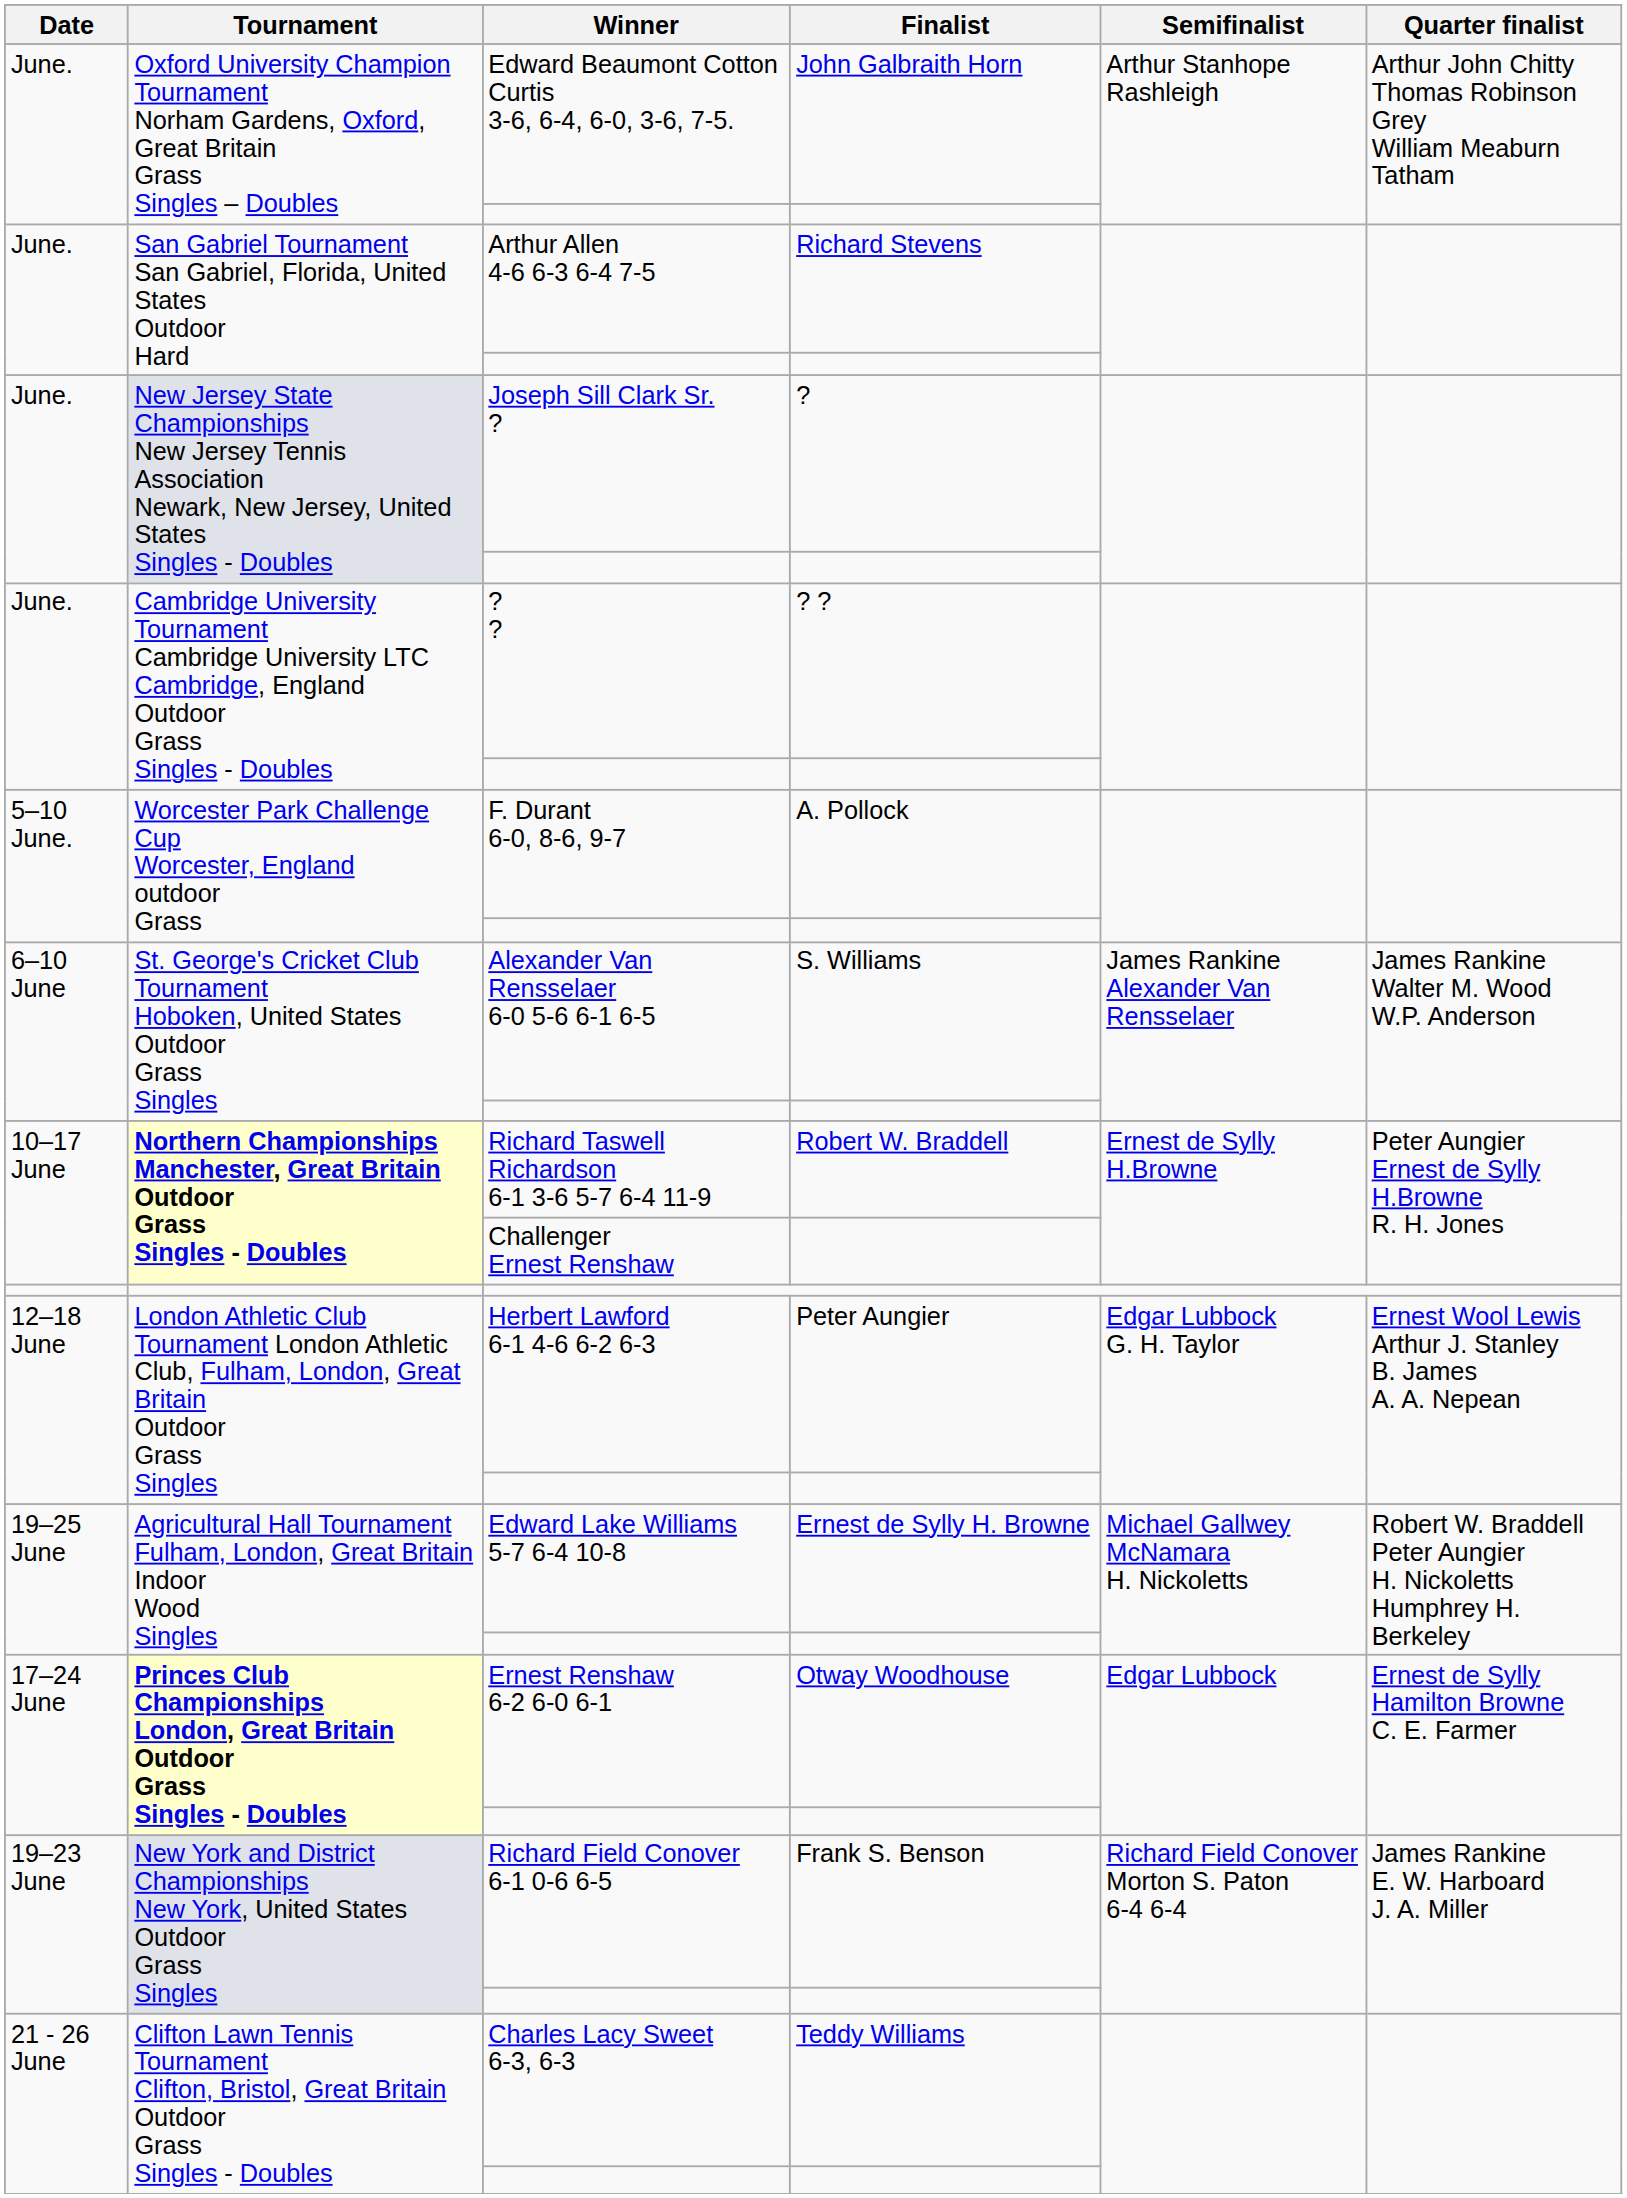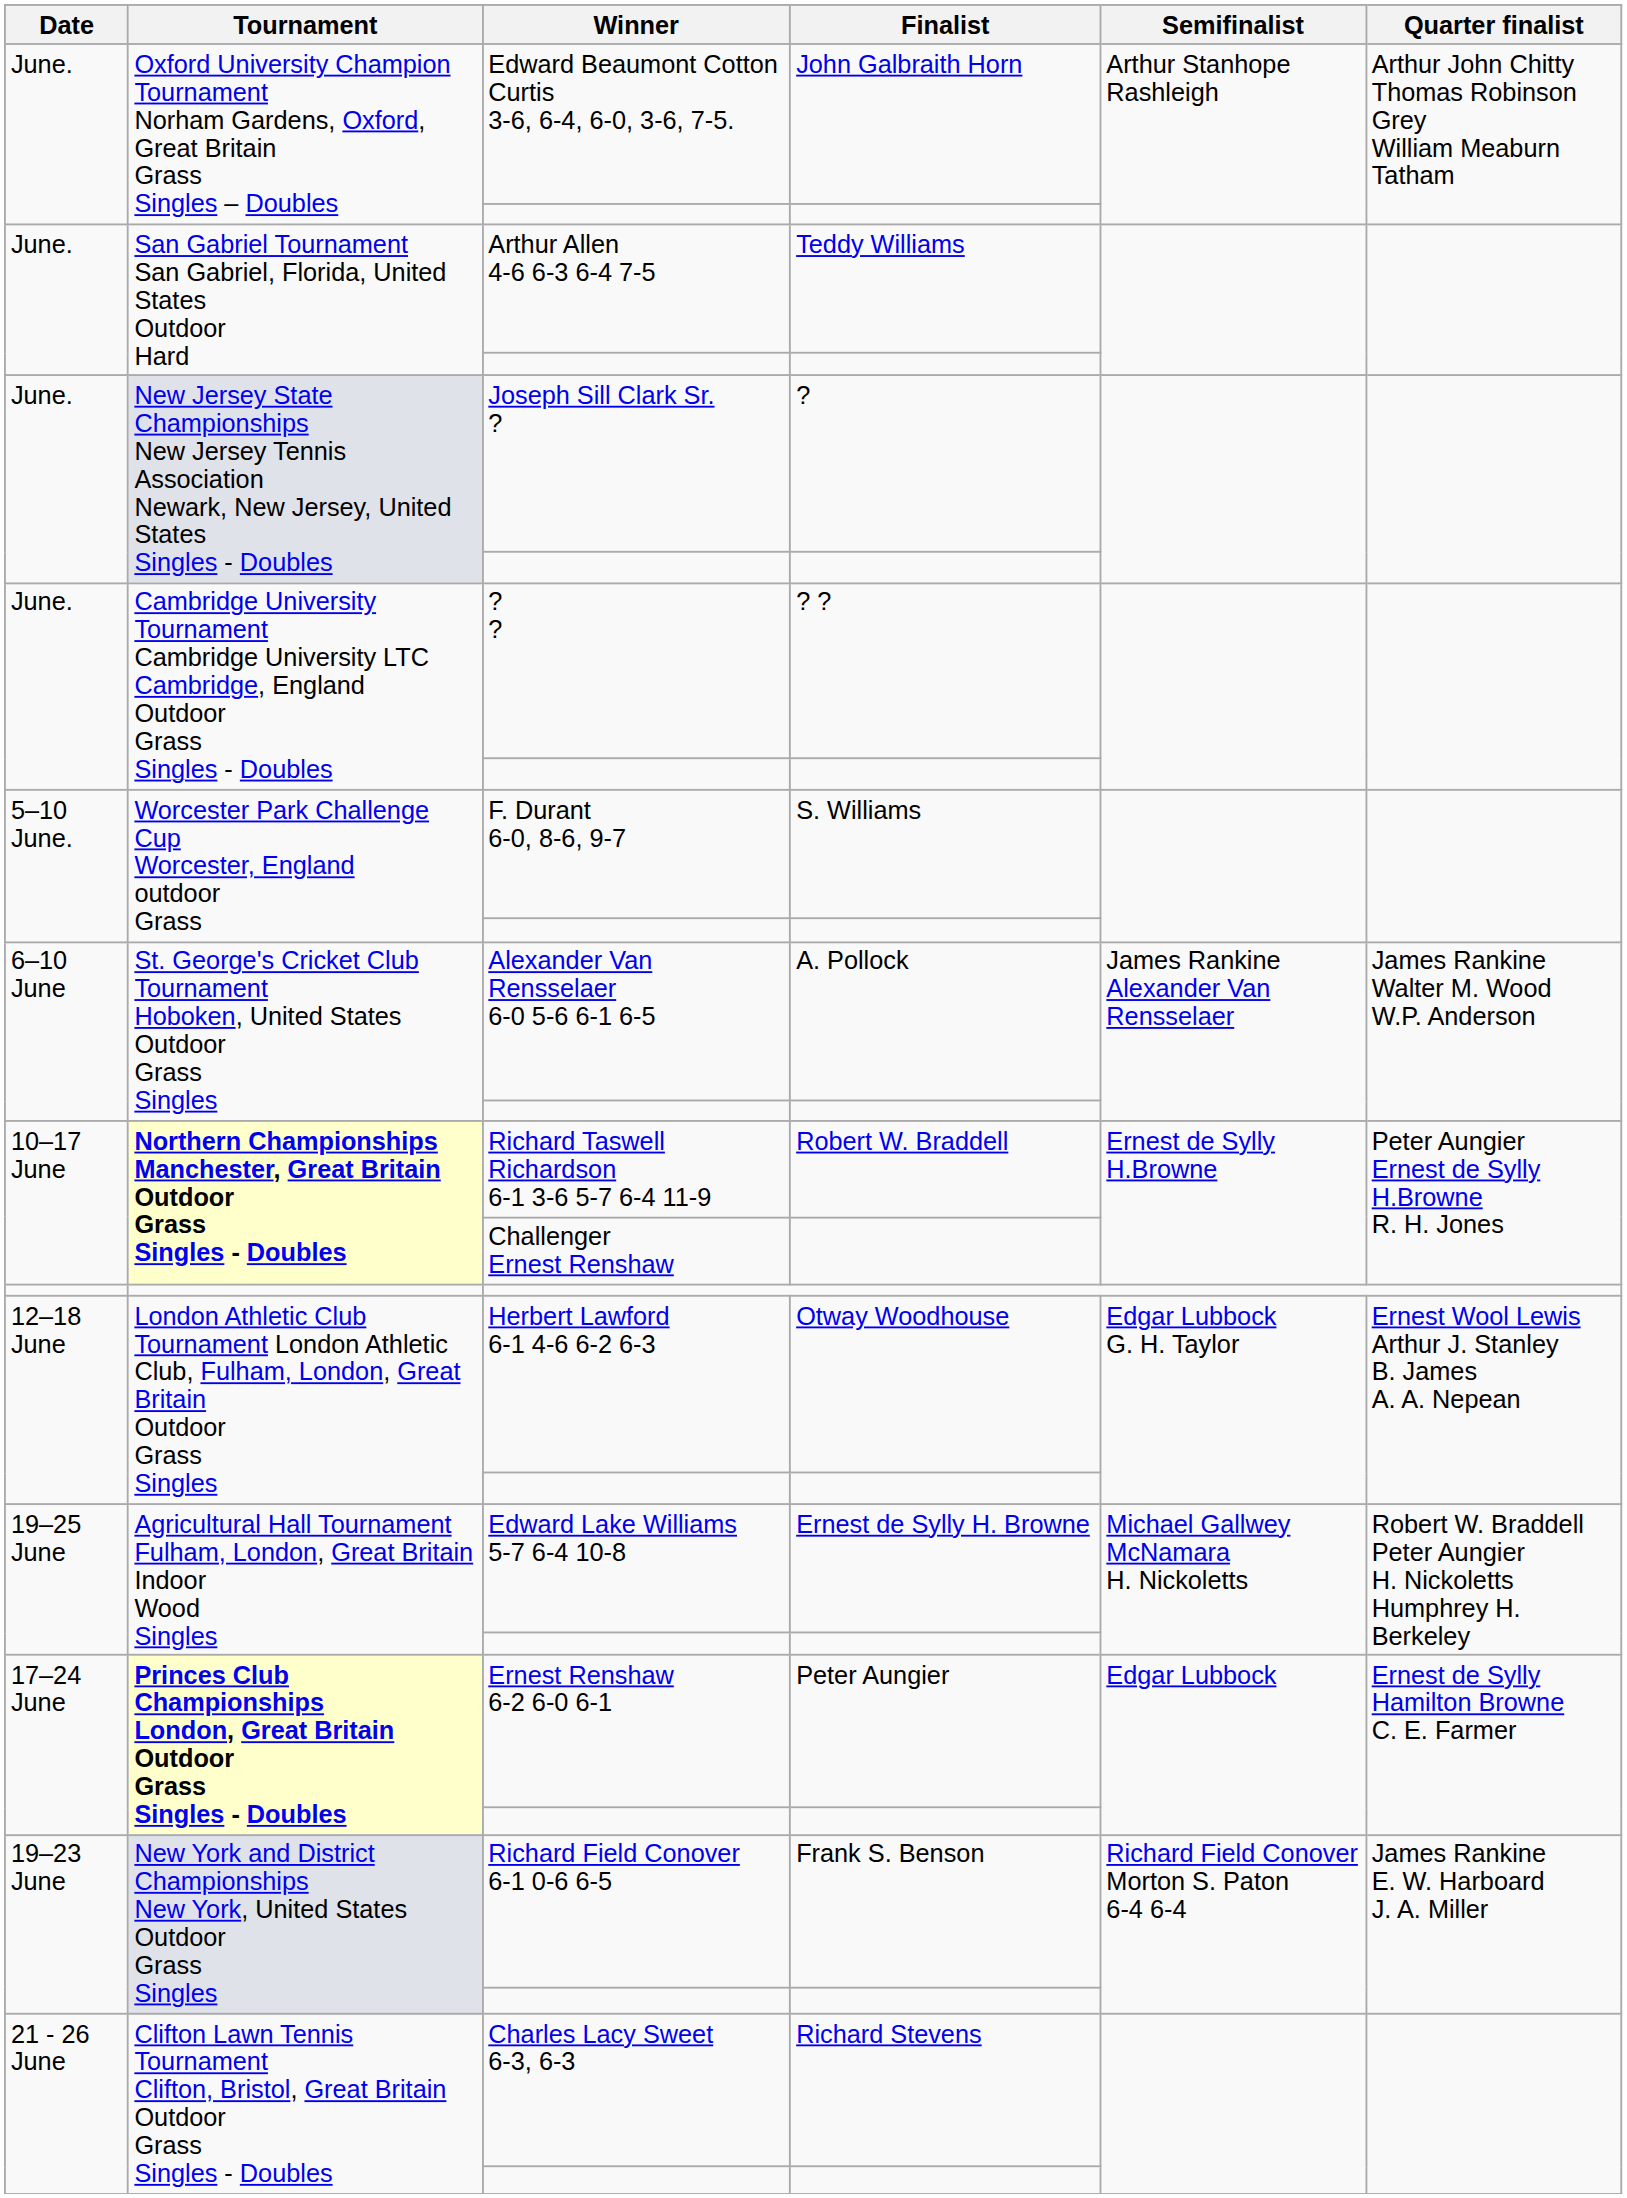 <table class="wikitable" style="font-size:85%;">
 <tr>
 <th width="75">Date</th>
 <th width="230">Tournament</th>
 <th width="210">Winner</th>
 <th width="210">Finalist</th>
 <th width="170">Semifinalist</th>
 <th width="170">Quarter finalist</th>
 </tr>
 <tr valign=top>
 <td rowspan=2>June.</td>
 <td rowspan=2><a href='#'>Oxford University Champion Tournament</a><br>Norham Gardens, <a href='#'>Oxford</a>, Great Britain<br>Grass<br><a href='#'>Singles</a> – <a href='#'>Doubles</a></td>
 <td> Edward Beaumont Cotton Curtis<br>3-6, 6-4, 6-0, 3-6, 7-5.</td>
 <td> <a href='#'>John Galbraith Horn</a></td>
 <td rowspan=2>  Arthur Stanhope Rashleigh</td>
 <td rowspan=2> Arthur John Chitty <br> Thomas Robinson Grey <br> William Meaburn Tatham</td>
 </tr>
 <tr valign=top>
 <td></td>
 <td></td>
 </tr>
 <tr valign=top>
 <td rowspan=2>June.</td>
 <td rowspan=2><a href='#'>San Gabriel Tournament</a><br>San Gabriel, Florida, United States<br>Outdoor<br>Hard<br></td>
 <td> Arthur Allen<br>4-6 6-3 6-4 7-5</td>
-<td> <a href='#'>Richard Stevens</a></td>
+<td> <a href='#'>Teddy Williams</a></td>
 <td rowspan=2></td>
 <td rowspan=2></td>
 </tr>
 <tr valign=top>
 <td></td>
 <td></td>
 </tr>
 <tr valign=top>
 <td rowspan=2>June.</td>
 <td style="background:#dfe2e9" rowspan=2><a href='#'>New Jersey State Championships</a> <br>New Jersey Tennis Association<br>Newark, New Jersey, United States<br><a href='#'>Singles</a> - <a href='#'>Doubles</a></td>
 <td> <a href='#'>Joseph Sill Clark Sr.</a>  <br>?</td>
 <td> ?</td>
 <td rowspan=2><br></td>
 <td rowspan=2><br></td>
 </tr>
 <tr valign=top>
 <td></td>
 <td></td>
 </tr>
 <tr valign=top>
 <td rowspan=2>June.</td>
 <td rowspan=2><a href='#'>Cambridge University Tournament</a><br>Cambridge University LTC<br><a href='#'>Cambridge</a>, England<br>Outdoor<br>Grass<br><a href='#'>Singles</a> - <a href='#'>Doubles</a></td>
 <td>? <br>?</td>
 <td>? ?</td>
 <td rowspan=2></td>
 <td rowspan=2></td>
 </tr>
 <tr valign=top>
 <td></td>
 <td></td>
 </tr>
 <tr valign=top>
 <td rowspan=2>5–10 June.</td>
 <td rowspan=2><a href='#'>Worcester Park Challenge Cup</a> <br> <a href='#'>Worcester, England</a><br>outdoor<br>Grass <br></td>
 <td>  F. Durant<br>6-0, 8-6, 9-7</td>
-<td> A. Pollock</td>
+<td>  S. Williams</td>
 <td rowspan=2></td>
 <td rowspan=2></td>
 </tr>
 <tr valign=top>
 <td></td>
 <td></td>
 </tr>
 <tr valign=top>
 <td rowspan=2>6–10 June</td>
 <td rowspan=2><a href='#'>St. George's Cricket Club Tournament</a> <br> <a href='#'>Hoboken</a>, United States<br>Outdoor<br>Grass<br><a href='#'>Singles</a></td>
 <td> <a href='#'>Alexander Van Rensselaer</a><br>6-0 5-6 6-1 6-5</td>
-<td>  S. Williams</td>
+<td> A. Pollock</td>
 <td rowspan=2> James Rankine <br> <a href='#'>Alexander Van Rensselaer</a></td>
 <td rowspan=2> James Rankine<br>  Walter M. Wood <br> W.P. Anderson</td>
 </tr>
 <tr valign=top>
 <td></td>
 <td></td>
 </tr>
 <tr valign=top>
 <td rowspan=2>10–17 June</td>
 <td style="background:#ffc;" rowspan=2><strong><a href='#'>Northern Championships</a><br>  <a href='#'>Manchester</a>, <a href='#'>Great Britain</a><br>Outdoor<br>Grass<br><a href='#'>Singles</a> - <a href='#'>Doubles</a></strong></td>
 <td> <a href='#'>Richard Taswell Richardson</a> <br>6-1 3-6 5-7 6-4 11-9</td>
 <td> <a href='#'>Robert W. Braddell</a></td>
 <td rowspan=2> <a href='#'>Ernest de Sylly H.Browne</a></td>
 <td rowspan=2> Peter Aungier<br><a href='#'>Ernest de Sylly H.Browne</a><br> R. H. Jones</td>
 </tr>
 <tr valign=top>
 <td>Challenger<br> <a href='#'>Ernest Renshaw</a> <br></td>
 <td></td>
 </tr>
 <tr valign=top>
 <td></td>
 <td></td>
 </tr>
 <tr valign=top>
 <td rowspan=2>12–18 June</td>
 <td rowspan=2><a href='#'>London Athletic Club Tournament</a>  London Athletic Club, <a href='#'>Fulham, London</a>, <a href='#'>Great Britain</a><br>Outdoor<br>Grass<br><a href='#'>Singles</a></td>
 <td> <a href='#'>Herbert Lawford</a><br>6-1 4-6 6-2 6-3</td>
-<td> Peter Aungier</td>
+<td> <a href='#'>Otway Woodhouse</a> <br></td>
 <td rowspan=2>  <a href='#'>Edgar Lubbock</a><br>  G. H. Taylor</td>
 <td rowspan=2> <a href='#'>Ernest Wool Lewis</a><br> Arthur J. Stanley <br> B. James<br> A. A. Nepean</td>
 </tr>
 <tr valign=top>
 <td></td>
 <td></td>
 </tr>
 <tr valign=top>
 <td rowspan=2>19–25 June</td>
 <td rowspan=2><a href='#'>Agricultural Hall Tournament</a> <br>  <a href='#'>Fulham, London</a>, <a href='#'>Great Britain</a><br>Indoor<br>Wood<br><a href='#'>Singles</a></td>
 <td> <a href='#'>Edward Lake Williams</a><br>5-7 6-4 10-8</td>
 <td>  <a href='#'>Ernest de Sylly H. Browne</a> <br></td>
 <td rowspan=2> <a href='#'>Michael Gallwey McNamara</a> <br> H. Nickoletts</td>
 <td rowspan=2> Robert W. Braddell<br> Peter Aungier <br> H. Nickoletts <br> Humphrey H. Berkeley</td>
 </tr>
 <tr valign=top>
 <td></td>
 <td></td>
 </tr>
 <tr valign=top>
 <td rowspan=2>17–24 June</td>
 <td style="background:#ffc;" rowspan=2><strong><a href='#'>Princes Club Championships</a><br> <a href='#'>London</a>, <a href='#'>Great Britain</a><br>Outdoor<br>Grass<br><a href='#'>Singles</a> - <a href='#'>Doubles</a></strong></td>
 <td> <a href='#'>Ernest Renshaw</a><br>6-2 6-0 6-1</td>
-<td> <a href='#'>Otway Woodhouse</a> <br></td>
+<td> Peter Aungier</td>
 <td rowspan=2> <a href='#'>Edgar Lubbock</a></td>
 <td rowspan=2> <a href='#'>Ernest de Sylly Hamilton Browne</a><br> C. E. Farmer</td>
 </tr>
 <tr valign=top>
 <td></td>
 <td></td>
 </tr>
 <tr valign=top>
 <td rowspan=2>19–23 June</td>
 <td style="background:#dfe2e9" rowspan=2><a href='#'>New York and District Championships</a> <br> <a href='#'>New York</a>, United States<br>Outdoor<br>Grass<br><a href='#'>Singles</a></td>
 <td> <a href='#'>Richard Field Conover</a><br>6-1 0-6 6-5</td>
 <td> Frank S. Benson <br></td>
 <td rowspan=2> <a href='#'>Richard Field Conover</a> <br>  Morton S. Paton <br>6-4 6-4</td>
 <td rowspan=2> James Rankine<br> E. W. Harboard <br> J. A. Miller<br></td>
 </tr>
 <tr valign=top>
 <td></td>
 <td></td>
 </tr>
 <tr valign=top>
 <td rowspan=2>21 - 26 June</td>
 <td rowspan=2><a href='#'>Clifton Lawn Tennis Tournament</a><br> <a href='#'>Clifton, Bristol</a>, <a href='#'>Great Britain</a><br>Outdoor<br>Grass<br><a href='#'>Singles</a> - <a href='#'>Doubles</a></td>
 <td> <a href='#'>Charles Lacy Sweet</a><br>6-3, 6-3</td>
-<td> <a href='#'>Teddy Williams</a></td>
+<td> <a href='#'>Richard Stevens</a></td>
 <td rowspan=2></td>
 <td rowspan=2></td>
 </tr>
 <tr valign=top>
 <td></td>
 <td></td>
 </tr>
 <tr valign=top>
 </tr>
 </table>
